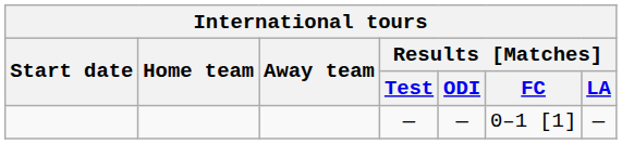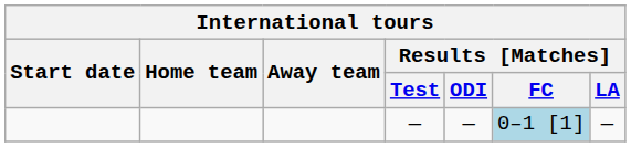 <table class="wikitable">
 <tr>
 <th colspan="7">International tours</th>
 </tr>
 <tr>
 <th rowspan="2">Start date</th>
 <th rowspan="2">Home team</th>
 <th rowspan="2">Away team</th>
 <th colspan="4">Results [Matches]</th>
 </tr>
 <tr>
 <th><a href='#'>Test</a></th>
 <th><a href='#'>ODI</a></th>
 <th><a href='#'>FC</a></th>
 <th><a href='#'>LA</a></th>
 </tr>
 <tr>
 <td><a href='#'></a></td>
 <td></td>
 <td></td>
 <td ; style="text-align:center">—</td>
 <td ; style="text-align:center">—</td>
-<td>0–1 [1]</td>
+<td style="background: lightblue;">0–1 [1]</td>
 <td ; style="text-align:center">—</td>
 </tr>
 </table>
